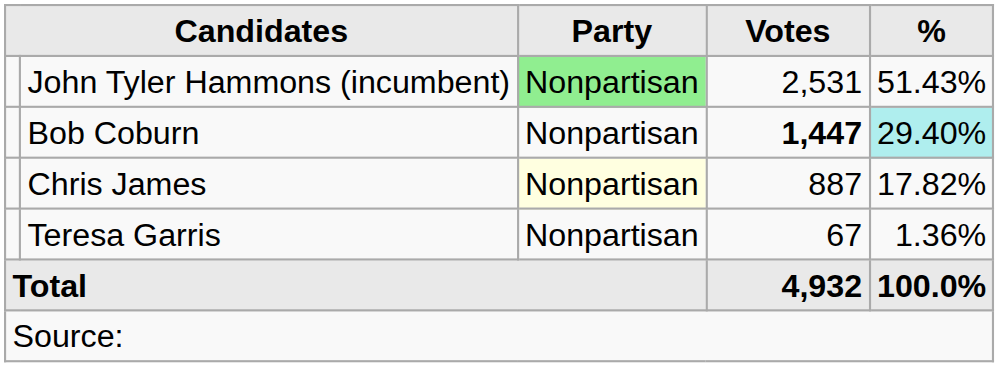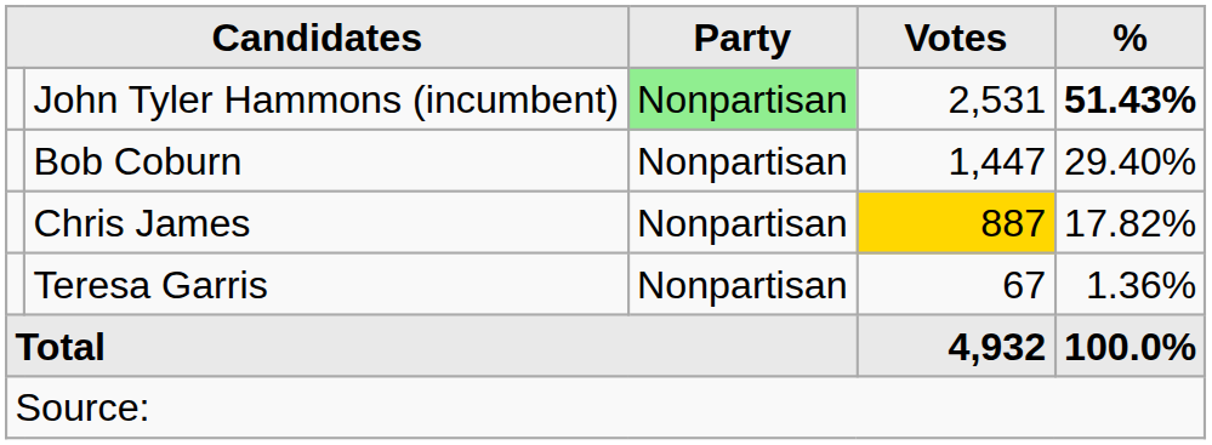 <table class=wikitable style="font-size:95%; text-align:right;">
 <tr>
 <th style="background-color:#E9E9E9" align=center colspan=2>Candidates</th>
 <th style="background-color:#E9E9E9" align=center>Party</th>
 <th style="background-color:#E9E9E9" align=center>Votes</th>
 <th style="background-color:#E9E9E9" align=center>%</th>
 </tr>
 <tr>
 <td></td>
 <td align=left>John Tyler Hammons (incumbent)</td>
 <td style="background: lightgreen;">Nonpartisan</td>
 <td>2,531</td>
-<td>51.43%</td>
+<td><strong>51.43%</strong></td>
 </tr>
 <tr>
 <td></td>
 <td align=left>Bob Coburn</td>
 <td>Nonpartisan</td>
-<td><strong>1,447</strong></td>
-<td style="background: paleturquoise;">29.40%</td>
+<td>1,447</td>
+<td>29.40%</td>
 </tr>
 <tr>
 <td></td>
 <td align=left>Chris James</td>
-<td style="background: lightyellow;">Nonpartisan</td>
-<td>887</td>
+<td>Nonpartisan</td>
+<td style="background: gold;">887</td>
 <td>17.82%</td>
 </tr>
 <tr>
 <td></td>
 <td align=left>Teresa Garris</td>
 <td>Nonpartisan</td>
 <td>67</td>
 <td>1.36%</td>
 </tr>
 <tr>
 <td align=left colspan=3 style="background-color:#E9E9E9"><strong>Total</strong></td>
 <td width="70" align="right" style="background-color:#E9E9E9"><strong>4,932</strong></td>
 <td width="30" align="right" style="background-color:#E9E9E9"><strong>100.0%</strong></td>
 </tr>
 <tr>
 <td align="left" colspan=6>Source: </td>
 </tr>
 </table>
